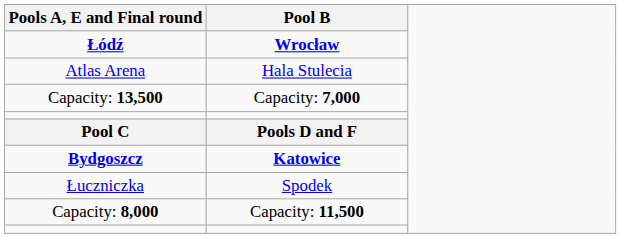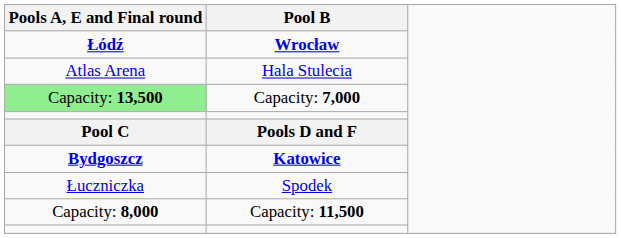 <table class="wikitable" style="text-align:center;">
 <tr>
 <th width=33%>Pools A, E and Final round</th>
 <th width=33%>Pool B</th>
 <td width=34% rowspan=10></td>
 </tr>
 <tr>
 <td><strong><a href='#'>Łódź</a></strong></td>
 <td><strong><a href='#'>Wrocław</a></strong></td>
 </tr>
 <tr>
 <td><a href='#'>Atlas Arena</a></td>
 <td><a href='#'>Hala Stulecia</a></td>
 </tr>
 <tr>
-<td>Capacity: <strong>13,500</strong></td>
+<td style="background: lightgreen;">Capacity: <strong>13,500</strong></td>
 <td>Capacity: <strong>7,000</strong></td>
 </tr>
 <tr>
 <td></td>
 <td></td>
 </tr>
 <tr>
 <th width=33%>Pool C</th>
 <th width=33%>Pools D and F</th>
 </tr>
 <tr>
 <td><strong><a href='#'>Bydgoszcz</a></strong></td>
 <td><strong><a href='#'>Katowice</a></strong></td>
 </tr>
 <tr>
 <td><a href='#'>Łuczniczka</a></td>
 <td><a href='#'>Spodek</a></td>
 </tr>
 <tr>
 <td>Capacity: <strong>8,000</strong></td>
 <td>Capacity: <strong>11,500</strong></td>
 </tr>
 <tr>
 <td></td>
 <td></td>
 </tr>
 </table>
